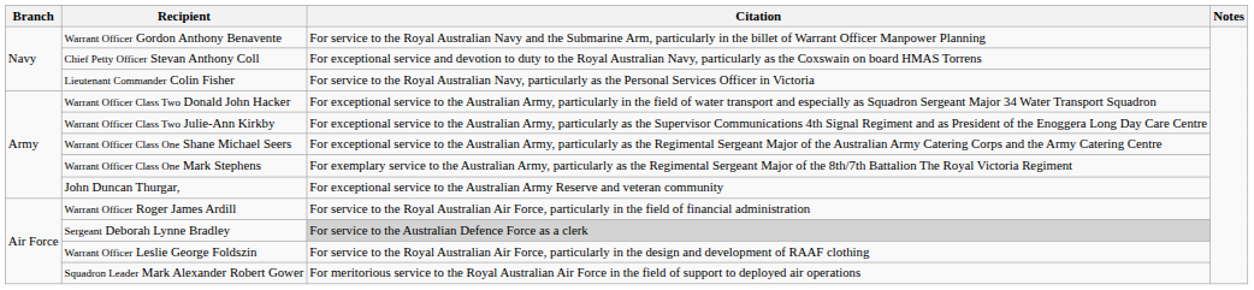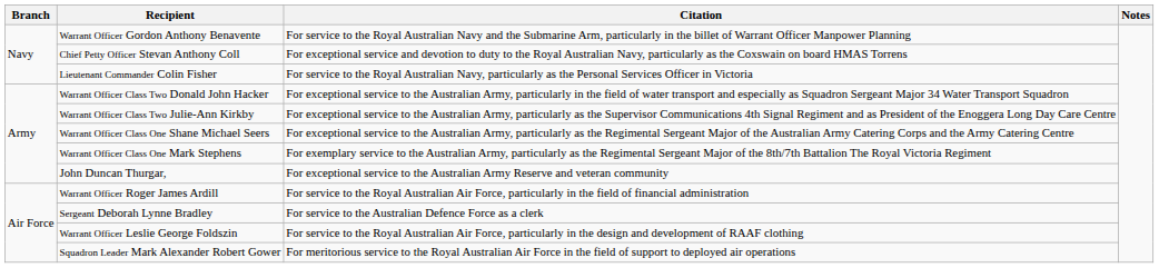 <table class="wikitable" style="font-size:95%;">
 <tr>
 <th>Branch</th>
 <th>Recipient</th>
 <th>Citation</th>
 <th>Notes</th>
 </tr>
 <tr>
 <td rowspan="3">Navy</td>
 <td><small>Warrant Officer</small> Gordon Anthony Benavente</td>
 <td>For service to the Royal Australian Navy and the Submarine Arm, particularly in the billet of Warrant Officer Manpower Planning</td>
 <td rowspan="12"></td>
 </tr>
 <tr>
 <td><small>Chief Petty Officer</small> Stevan Anthony Coll</td>
 <td>For exceptional service and devotion to duty to the Royal Australian Navy, particularly as the Coxswain on board HMAS Torrens</td>
 </tr>
 <tr>
 <td><small>Lieutenant Commander</small> Colin Fisher</td>
 <td>For service to the Royal Australian Navy, particularly as the Personal Services Officer in Victoria</td>
 </tr>
 <tr>
 <td rowspan="5">Army</td>
 <td><small>Warrant Officer Class Two</small> Donald John Hacker</td>
 <td>For exceptional service to the Australian Army, particularly in the field of water transport and especially as Squadron Sergeant Major 34 Water Transport Squadron</td>
 </tr>
 <tr>
 <td><small>Warrant Officer Class Two</small> Julie-Ann Kirkby</td>
 <td>For exceptional service to the Australian Army, particularly as the Supervisor Communications 4th Signal Regiment and as President of the Enoggera Long Day Care Centre</td>
 </tr>
 <tr>
 <td><small>Warrant Officer Class One</small> Shane Michael Seers</td>
 <td>For exceptional service to the Australian Army, particularly as the Regimental Sergeant Major of the Australian Army Catering Corps and the Army Catering Centre</td>
 </tr>
 <tr>
 <td><small>Warrant Officer Class One</small> Mark Stephens</td>
 <td>For exemplary service to the Australian Army, particularly as the Regimental Sergeant Major of the 8th/7th Battalion The Royal Victoria Regiment</td>
 </tr>
 <tr>
 <td>John Duncan Thurgar, </td>
 <td>For exceptional service to the Australian Army Reserve and veteran community</td>
 </tr>
 <tr>
 <td rowspan="4">Air Force</td>
 <td><small>Warrant Officer</small> Roger James Ardill</td>
 <td>For service to the Royal Australian Air Force, particularly in the field of financial administration</td>
 </tr>
 <tr>
 <td><small>Sergeant</small> Deborah Lynne Bradley</td>
-<td style="background: lightgrey;">For service to the Australian Defence Force as a clerk</td>
+<td>For service to the Australian Defence Force as a clerk</td>
 </tr>
 <tr>
 <td><small>Warrant Officer</small> Leslie George Foldszin</td>
 <td>For service to the Royal Australian Air Force, particularly in the design and development of RAAF clothing</td>
 </tr>
 <tr>
 <td><small>Squadron Leader</small> Mark Alexander Robert Gower</td>
 <td>For meritorious service to the Royal Australian Air Force in the field of support to deployed air operations</td>
 </tr>
 </table>
